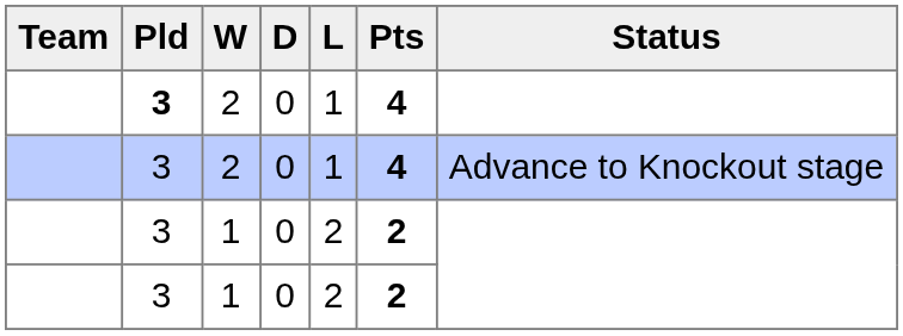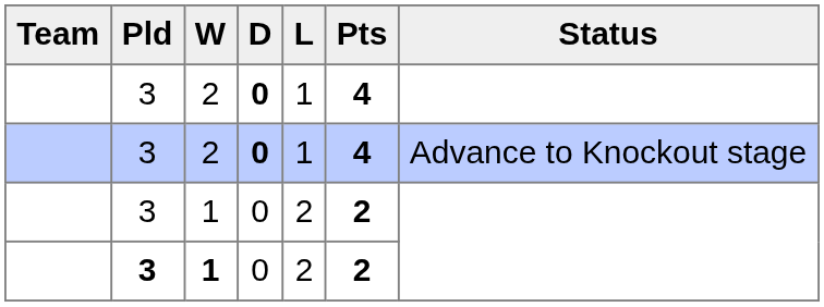 <table style=border-collapse:collapse border=1 cellspacing=0 cellpadding=5>
 <tr align=center bgcolor=#efefef>
 <th>Team</th>
 <th>Pld</th>
 <th>W</th>
 <th>D</th>
 <th>L</th>
 <th>Pts</th>
 <th>Status</th>
 </tr>
 <tr align=center style="background:#FFFFFF;">
 <td style="text-align:left;"> </td>
-<td><strong>3</strong></td>
+<td>3</td>
 <td>2</td>
-<td>0</td>
+<td><strong>0</strong></td>
 <td>1</td>
 <td><strong>4</strong></td>
 <td rowspan=1></td>
 </tr>
 <tr align=center style="background:#bbccff;">
 <td style="text-align:left;"> </td>
 <td>3</td>
 <td>2</td>
-<td>0</td>
+<td><strong>0</strong></td>
 <td>1</td>
 <td><strong>4</strong></td>
 <td rowspan=1>Advance to Knockout stage</td>
 </tr>
 <tr align=center style="background:#FFFFFF;">
 <td style="text-align:left;"> </td>
 <td>3</td>
 <td>1</td>
 <td>0</td>
 <td>2</td>
 <td><strong>2</strong></td>
 <td rowspan=2></td>
 </tr>
 <tr align=center style="background:#FFFFFF;">
 <td style="text-align:left;"> </td>
-<td>3</td>
-<td>1</td>
+<td><strong>3</strong></td>
+<td><strong>1</strong></td>
 <td>0</td>
 <td>2</td>
 <td><strong>2</strong></td>
 </tr>
 </table>
